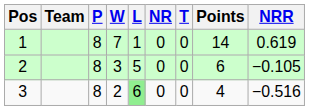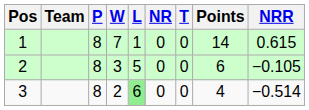 <table class="wikitable">
 <tr>
 <th>Pos</th>
 <th>Team</th>
 <th><a href='#'>P</a></th>
 <th><a href='#'>W</a></th>
 <th><a href='#'>L</a></th>
 <th><a href='#'>NR</a></th>
 <th><a href='#'>T</a></th>
 <th>Points</th>
 <th><a href='#'>NRR</a></th>
 </tr>
 <tr align="center" bgcolor="#ccffcc">
 <td>1</td>
 <td align="left"></td>
 <td>8</td>
 <td>7</td>
 <td>1</td>
 <td>0</td>
 <td>0</td>
 <td>14</td>
-<td>0.619</td>
+<td>0.615</td>
 </tr>
 <tr align="center" bgcolor="#ccffcc">
 <td>2</td>
 <td align="left"></td>
 <td>8</td>
 <td>3</td>
 <td>5</td>
 <td>0</td>
 <td>0</td>
 <td>6</td>
 <td>−0.105</td>
 </tr>
 <tr align="center">
 <td>3</td>
 <td align="left"></td>
 <td>8</td>
 <td>2</td>
 <td style="background: lightgreen;">6</td>
 <td>0</td>
 <td>0</td>
 <td>4</td>
-<td>−0.516</td>
+<td>−0.514</td>
 </tr>
 </table>
